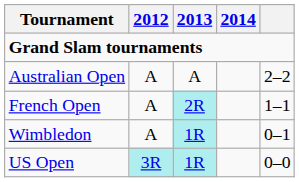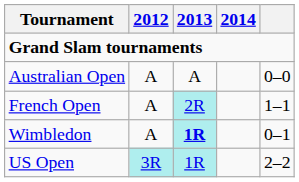 <table class=wikitable style=text-align:center;font-size:97%>
 <tr>
 <th>Tournament</th>
 <th><a href='#'>2012</a></th>
 <th><a href='#'>2013</a></th>
 <th><a href='#'>2014</a></th>
 <th></th>
 </tr>
 <tr>
 <td colspan="35" style="text-align:left;"><strong>Grand Slam tournaments</strong></td>
 </tr>
 <tr>
 <td align=left><a href='#'>Australian Open</a></td>
 <td>A</td>
 <td>A</td>
 <td></td>
-<td>2–2</td>
+<td>0–0</td>
 </tr>
 <tr>
 <td align=left><a href='#'>French Open</a></td>
 <td>A</td>
 <td bgcolor=afeeee><a href='#'>2R</a></td>
 <td></td>
 <td>1–1</td>
 </tr>
 <tr>
 <td align=left><a href='#'>Wimbledon</a></td>
 <td>A</td>
-<td bgcolor=afeeee><a href='#'>1R</a></td>
+<td bgcolor=afeeee><strong><a href='#'>1R</a></strong></td>
 <td></td>
 <td>0–1</td>
 </tr>
 <tr>
 <td align=left><a href='#'>US Open</a></td>
 <td bgcolor=afeeee><a href='#'>3R</a></td>
 <td bgcolor=afeeee><a href='#'>1R</a></td>
 <td></td>
-<td>0–0</td>
+<td>2–2</td>
 </tr>
 </table>
